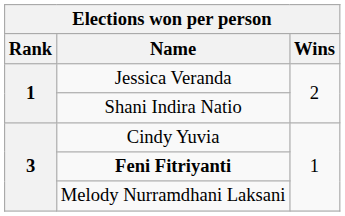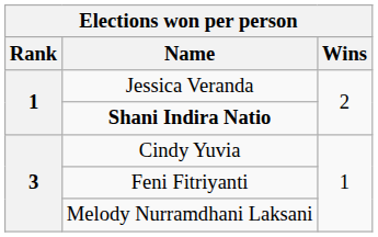 <table class="wikitable sortable plainrowheaders" style=text-align:center>
 <tr>
 <th colspan=3>Elections won per person</th>
 </tr>
 <tr>
 <th scope=col>Rank</th>
 <th scope=col>Name</th>
 <th scope=col>Wins</th>
 </tr>
 <tr>
 <th scope=row rowspan=2 style=text-align:center>1</th>
 <td>Jessica Veranda</td>
 <td rowspan=2 align=center>2</td>
 </tr>
 <tr>
-<td>Shani Indira Natio</td>
+<td><strong>Shani Indira Natio</strong></td>
 </tr>
 <tr>
 <th scope=row rowspan=3 style=text-align:center>3</th>
 <td>Cindy Yuvia</td>
 <td rowspan=3 align=center>1</td>
 </tr>
 <tr>
-<td><strong>Feni Fitriyanti</strong></td>
+<td>Feni Fitriyanti</td>
 </tr>
 <tr>
 <td>Melody Nurramdhani Laksani</td>
 </tr>
 </table>
